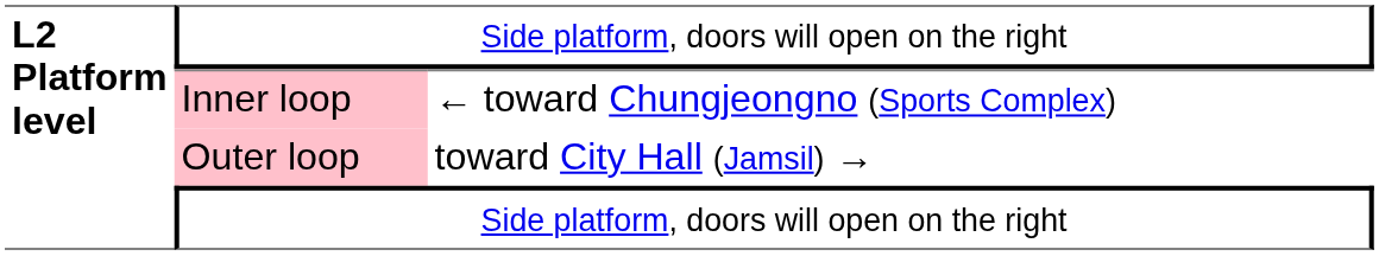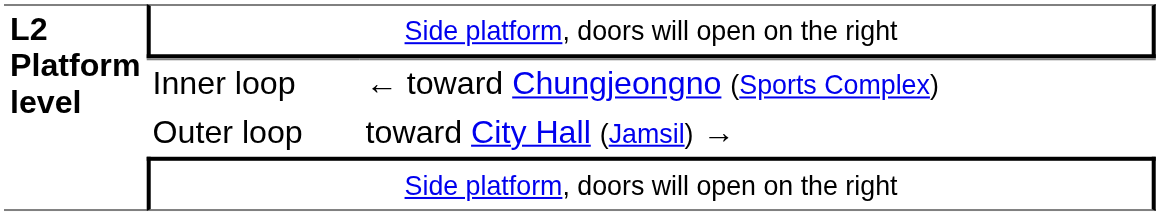 <table table border=0 cellspacing=0 cellpadding=3>
 <tr>
 <td style="border-top:solid 1px gray;border-bottom:solid 1px gray;" width=50 rowspan=10 valign=top><strong>L2<br>Platform level</strong></td>
 <td style="border-top:solid 1px gray;border-right:solid 2px black;border-left:solid 2px black;border-bottom:solid 2px black;text-align:center;" colspan=2><small><a href='#'>Side platform</a>, doors will open on the right </small></td>
 </tr>
 <tr>
-<td style="background: pink; border-bottom:solid 0px gray;border-top:solid 1px gray;" width=100>Inner loop</td>
+<td style="border-bottom:solid 0px gray;border-top:solid 1px gray;" width=100>Inner loop</td>
 <td style="border-bottom:solid 0px gray;border-top:solid 1px gray;" width=390>←  toward <a href='#'>Chungjeongno</a> <small>(<a href='#'>Sports Complex</a>)</small></td>
 </tr>
 <tr>
-<td style="background: pink;">Outer loop</td>
+<td>Outer loop</td>
 <td>  toward <a href='#'>City Hall</a> <small>(<a href='#'>Jamsil</a>)</small> →</td>
 </tr>
 <tr>
 <td style="border-top:solid 2px black;border-right:solid 2px black;border-left:solid 2px black;border-bottom:solid 1px gray;text-align:center;" colspan=2><small><a href='#'>Side platform</a>, doors will open on the right </small></td>
 </tr>
 </table>
